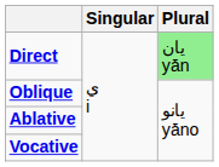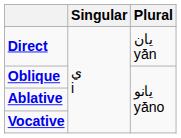 <table class="wikitable">
 <tr>
 <th></th>
 <th>Singular</th>
 <th>Plural</th>
 </tr>
 <tr>
 <td><strong><a href='#'>Direct</a></strong></td>
 <td rowspan="4">ي<br>i</td>
-<td style="background: lightgreen;">يان<br>yā́n</td>
+<td>يان<br>yā́n</td>
 </tr>
 <tr>
 <td><strong><a href='#'>Oblique</a></strong></td>
 <td rowspan="3">یانو<br>yā́no</td>
 </tr>
 <tr>
 <td><strong><a href='#'>Ablative</a></strong></td>
 </tr>
 <tr>
 <td><strong><a href='#'>Vocative</a></strong></td>
 </tr>
 </table>
